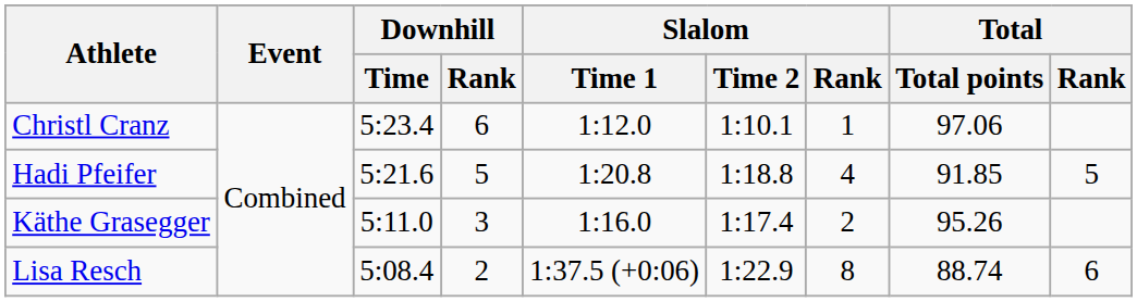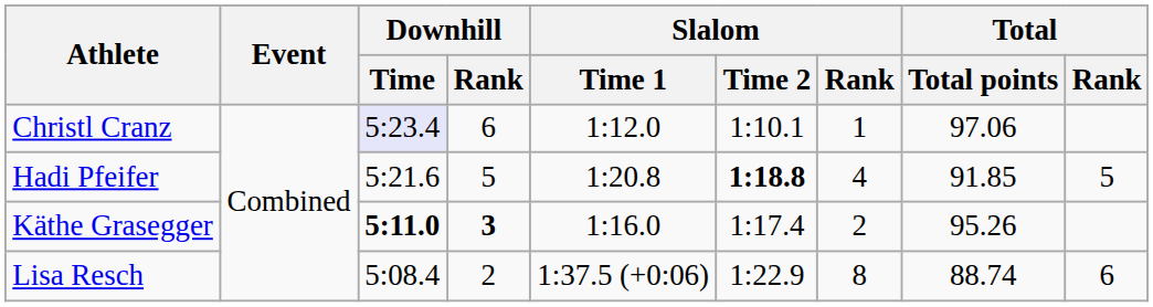 <table class="wikitable" style="font-size:90%">
 <tr>
 <th rowspan="2">Athlete</th>
 <th rowspan="2">Event</th>
 <th colspan="2">Downhill</th>
 <th colspan="3">Slalom</th>
 <th colspan="2">Total</th>
 </tr>
 <tr>
 <th>Time</th>
 <th>Rank</th>
 <th>Time 1</th>
 <th>Time 2</th>
 <th>Rank</th>
 <th>Total points</th>
 <th>Rank</th>
 </tr>
 <tr>
 <td><a href='#'>Christl Cranz</a></td>
 <td rowspan="4">Combined</td>
-<td align="center">5:23.4</td>
+<td align="center" style="background: lavender;">5:23.4</td>
 <td align="center">6</td>
 <td align="center">1:12.0</td>
 <td align="center">1:10.1</td>
 <td align="center">1</td>
 <td align="center">97.06</td>
 <td align="center"></td>
 </tr>
 <tr>
 <td><a href='#'>Hadi Pfeifer</a></td>
 <td align="center">5:21.6</td>
 <td align="center">5</td>
 <td align="center">1:20.8</td>
-<td align="center">1:18.8</td>
+<td align="center"><strong>1:18.8</strong></td>
 <td align="center">4</td>
 <td align="center">91.85</td>
 <td align="center">5</td>
 </tr>
 <tr>
 <td><a href='#'>Käthe Grasegger</a></td>
-<td align="center">5:11.0</td>
-<td align="center">3</td>
+<td align="center"><strong>5:11.0</strong></td>
+<td align="center"><strong>3</strong></td>
 <td align="center">1:16.0</td>
 <td align="center">1:17.4</td>
 <td align="center">2</td>
 <td align="center">95.26</td>
 <td align="center"></td>
 </tr>
 <tr>
 <td><a href='#'>Lisa Resch</a></td>
 <td align="center">5:08.4</td>
 <td align="center">2</td>
 <td align="center">1:37.5 (+0:06)</td>
 <td align="center">1:22.9</td>
 <td align="center">8</td>
 <td align="center">88.74</td>
 <td align="center">6</td>
 </tr>
 </table>
